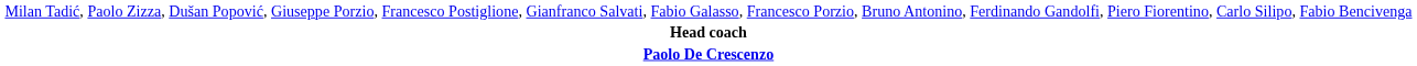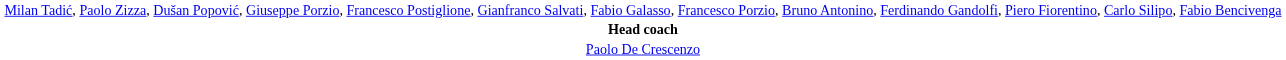 <table style="text-align: center; margin-top: 2em; margin-left: auto; margin-right: auto">
 <tr>
 <td><a href='#'>Milan Tadić</a>, <a href='#'>Paolo Zizza</a>, <a href='#'>Dušan Popović</a>, <a href='#'>Giuseppe Porzio</a>, <a href='#'>Francesco Postiglione</a>, <a href='#'>Gianfranco Salvati</a>, <a href='#'>Fabio Galasso</a>, <a href='#'>Francesco Porzio</a>, <a href='#'>Bruno Antonino</a>, <a href='#'>Ferdinando Gandolfi</a>, <a href='#'>Piero Fiorentino</a>, <a href='#'>Carlo Silipo</a>, <a href='#'>Fabio Bencivenga</a></td>
 </tr>
 <tr>
 <td><strong>Head coach</strong></td>
 </tr>
 <tr>
-<td><strong><a href='#'>Paolo De Crescenzo</a></strong></td>
+<td><a href='#'>Paolo De Crescenzo</a></td>
 </tr>
 </table>
